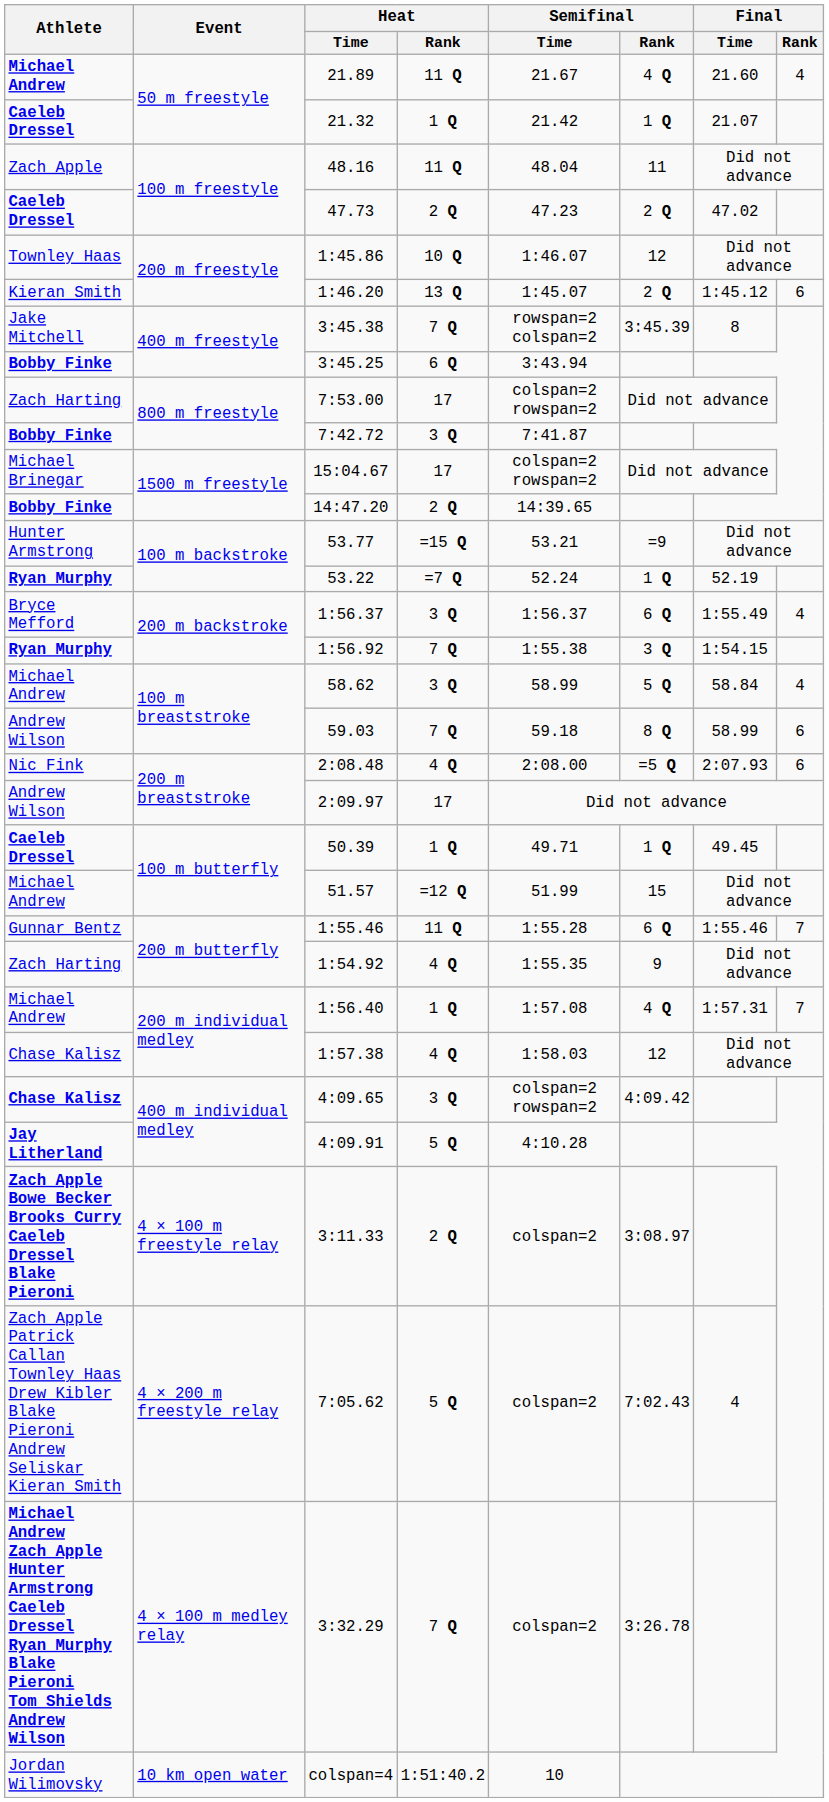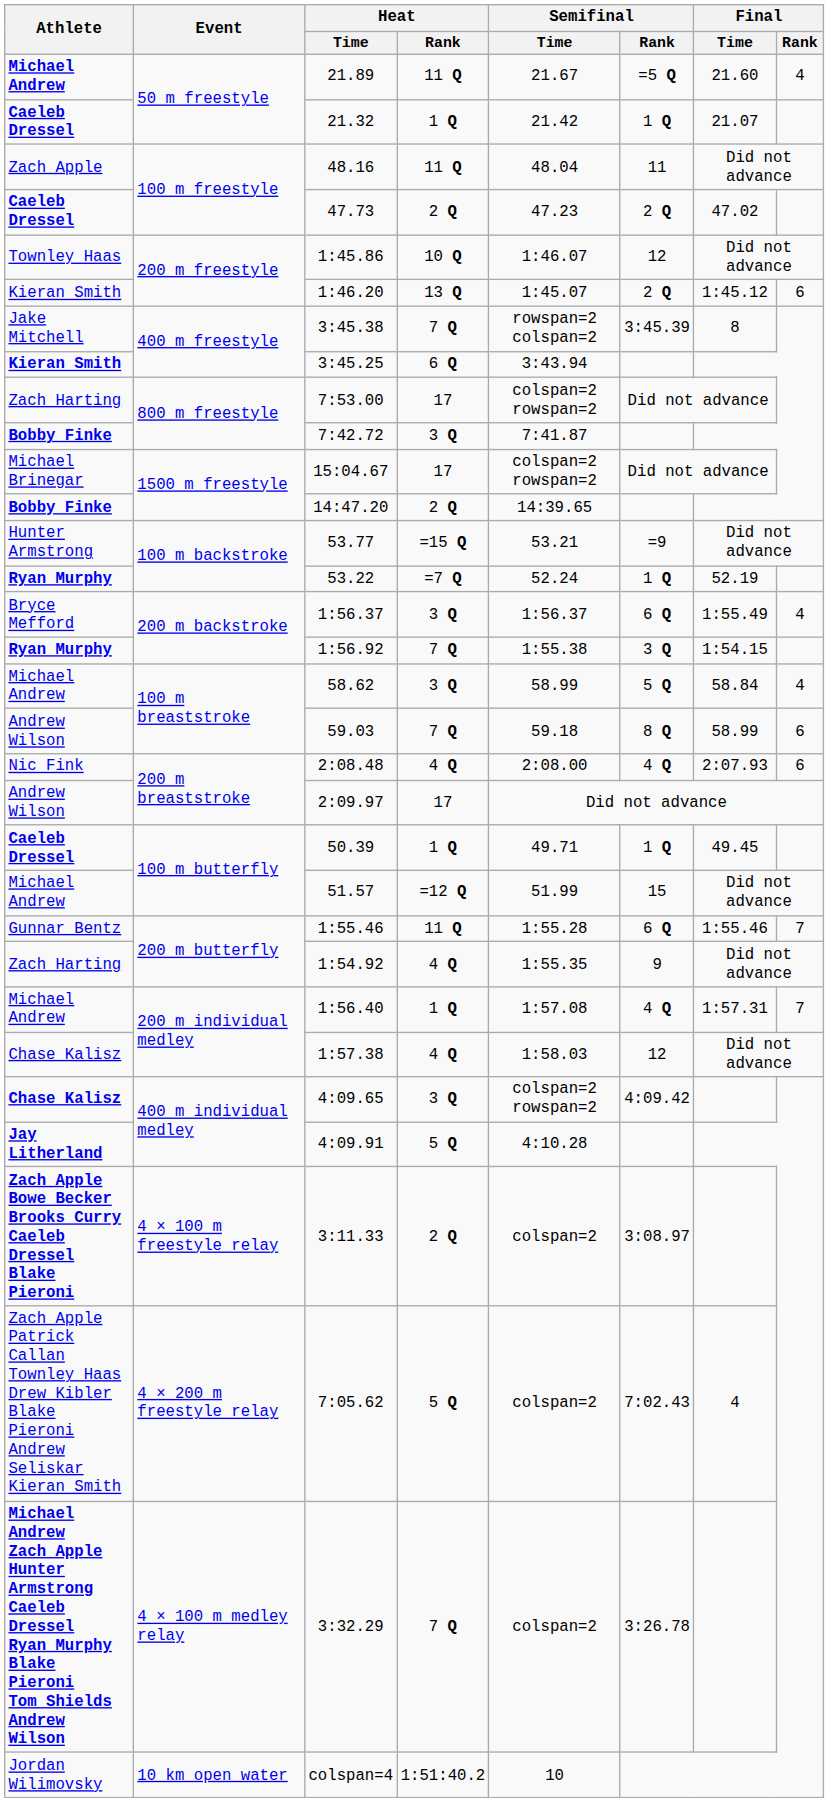 <table class=wikitable style=font-size:90%;text-align:center>
 <tr>
 <th rowspan=2>Athlete</th>
 <th rowspan=2>Event</th>
 <th colspan=2>Heat</th>
 <th colspan=2>Semifinal</th>
 <th colspan=2>Final</th>
 </tr>
 <tr style=font-size:95%>
 <th>Time</th>
 <th>Rank</th>
 <th>Time</th>
 <th>Rank</th>
 <th>Time</th>
 <th>Rank</th>
 </tr>
 <tr>
 <td align=left><strong><a href='#'>Michael Andrew</a></strong></td>
 <td align=left rowspan=2><a href='#'>50 m freestyle</a></td>
 <td>21.89</td>
 <td>11 <strong>Q</strong></td>
 <td>21.67</td>
-<td>4 <strong>Q</strong></td>
+<td>=5 <strong>Q</strong></td>
 <td>21.60</td>
 <td>4</td>
 </tr>
 <tr>
 <td align=left><strong><a href='#'>Caeleb Dressel</a></strong></td>
 <td>21.32</td>
 <td>1 <strong>Q</strong></td>
 <td>21.42</td>
 <td>1 <strong>Q</strong></td>
 <td>21.07 </td>
 <td></td>
 </tr>
 <tr>
 <td align=left><a href='#'>Zach Apple</a></td>
 <td align=left rowspan=2><a href='#'>100 m freestyle</a></td>
 <td>48.16</td>
 <td>11 <strong>Q</strong></td>
 <td>48.04</td>
 <td>11</td>
 <td colspan=2>Did not advance</td>
 </tr>
 <tr>
 <td align=left><strong><a href='#'>Caeleb Dressel</a></strong></td>
 <td>47.73</td>
 <td>2 <strong>Q</strong></td>
 <td>47.23</td>
 <td>2 <strong>Q</strong></td>
 <td>47.02 </td>
 <td></td>
 </tr>
 <tr>
 <td align=left><a href='#'>Townley Haas</a></td>
 <td align=left rowspan=2><a href='#'>200 m freestyle</a></td>
 <td>1:45.86</td>
 <td>10 <strong>Q</strong></td>
 <td>1:46.07</td>
 <td>12</td>
 <td colspan=2>Did not advance</td>
 </tr>
 <tr>
 <td align=left><a href='#'>Kieran Smith</a></td>
 <td>1:46.20</td>
 <td>13 <strong>Q</strong></td>
 <td>1:45.07</td>
 <td>2 <strong>Q</strong></td>
 <td>1:45.12</td>
 <td>6</td>
 </tr>
 <tr>
 <td align=left><a href='#'>Jake Mitchell</a></td>
 <td align=left rowspan=2><a href='#'>400 m freestyle</a></td>
 <td>3:45.38</td>
 <td>7 <strong>Q</strong></td>
 <td>rowspan=2 colspan=2 </td>
 <td>3:45.39</td>
 <td>8</td>
 </tr>
 <tr>
-<td align=left><strong><a href='#'>Bobby Finke</a></strong></td>
+<td align=left><strong><a href='#'>Kieran Smith</a></strong></td>
 <td>3:45.25</td>
 <td>6 <strong>Q</strong></td>
 <td>3:43.94</td>
 <td></td>
 </tr>
 <tr>
 <td align=left><a href='#'>Zach Harting</a></td>
 <td align=left rowspan=2><a href='#'>800 m freestyle</a></td>
 <td>7:53.00</td>
 <td>17</td>
 <td>colspan=2 rowspan=2 </td>
 <td colspan=2>Did not advance</td>
 </tr>
 <tr>
 <td align=left><strong><a href='#'>Bobby Finke</a></strong></td>
 <td>7:42.72</td>
 <td>3 <strong>Q</strong></td>
 <td>7:41.87</td>
 <td></td>
 </tr>
 <tr>
 <td align=left><a href='#'>Michael Brinegar</a></td>
 <td align=left rowspan=2><a href='#'>1500 m freestyle</a></td>
 <td>15:04.67</td>
 <td>17</td>
 <td>colspan=2 rowspan=2 </td>
 <td colspan=2>Did not advance</td>
 </tr>
 <tr>
 <td align=left><strong><a href='#'>Bobby Finke</a></strong></td>
 <td>14:47.20</td>
 <td>2 <strong>Q</strong></td>
 <td>14:39.65</td>
 <td></td>
 </tr>
 <tr>
 <td align=left><a href='#'>Hunter Armstrong</a></td>
 <td align=left rowspan=2><a href='#'>100 m backstroke</a></td>
 <td>53.77</td>
 <td>=15 <strong>Q</strong></td>
 <td>53.21</td>
 <td>=9</td>
 <td colspan=2>Did not advance</td>
 </tr>
 <tr>
 <td align=left><strong><a href='#'>Ryan Murphy</a></strong></td>
 <td>53.22</td>
 <td>=7 <strong>Q</strong></td>
 <td>52.24</td>
 <td>1 <strong>Q</strong></td>
 <td>52.19</td>
 <td></td>
 </tr>
 <tr>
 <td align=left><a href='#'>Bryce Mefford</a></td>
 <td align=left rowspan=2><a href='#'>200 m backstroke</a></td>
 <td>1:56.37</td>
 <td>3 <strong>Q</strong></td>
 <td>1:56.37</td>
 <td>6 <strong>Q</strong></td>
 <td>1:55.49</td>
 <td>4</td>
 </tr>
 <tr>
 <td align=left><strong><a href='#'>Ryan Murphy</a></strong></td>
 <td>1:56.92</td>
 <td>7 <strong>Q</strong></td>
 <td>1:55.38</td>
 <td>3 <strong>Q</strong></td>
 <td>1:54.15</td>
 <td></td>
 </tr>
 <tr>
 <td align=left><a href='#'>Michael Andrew</a></td>
 <td align=left rowspan=2><a href='#'>100 m breaststroke</a></td>
 <td>58.62</td>
 <td>3 <strong>Q</strong></td>
 <td>58.99</td>
 <td>5 <strong>Q</strong></td>
 <td>58.84</td>
 <td>4</td>
 </tr>
 <tr>
 <td align=left><a href='#'>Andrew Wilson</a></td>
 <td>59.03</td>
 <td>7 <strong>Q</strong></td>
 <td>59.18</td>
 <td>8 <strong>Q</strong></td>
 <td>58.99</td>
 <td>6</td>
 </tr>
 <tr>
 <td align=left><a href='#'>Nic Fink</a></td>
 <td align=left rowspan=2><a href='#'>200 m breaststroke</a></td>
 <td>2:08.48</td>
 <td>4 <strong>Q</strong></td>
 <td>2:08.00</td>
-<td>=5 <strong>Q</strong></td>
+<td>4 <strong>Q</strong></td>
 <td>2:07.93</td>
 <td>6</td>
 </tr>
 <tr>
 <td align=left><a href='#'>Andrew Wilson</a></td>
 <td>2:09.97</td>
 <td>17</td>
 <td colspan=4>Did not advance</td>
 </tr>
 <tr>
 <td align=left><strong><a href='#'>Caeleb Dressel</a></strong></td>
 <td align=left rowspan=2><a href='#'>100 m butterfly</a></td>
 <td>50.39</td>
 <td>1 <strong>Q</strong></td>
 <td>49.71 </td>
 <td>1 <strong>Q</strong></td>
 <td>49.45 </td>
 <td></td>
 </tr>
 <tr>
 <td align=left><a href='#'>Michael Andrew</a></td>
 <td>51.57</td>
 <td>=12 <strong>Q</strong></td>
 <td>51.99</td>
 <td>15</td>
 <td colspan=2>Did not advance</td>
 </tr>
 <tr>
 <td align=left><a href='#'>Gunnar Bentz</a></td>
 <td align=left rowspan=2><a href='#'>200 m butterfly</a></td>
 <td>1:55.46</td>
 <td>11 <strong>Q</strong></td>
 <td>1:55.28</td>
 <td>6 <strong>Q</strong></td>
 <td>1:55.46</td>
 <td>7</td>
 </tr>
 <tr>
 <td align=left><a href='#'>Zach Harting</a></td>
 <td>1:54.92</td>
 <td>4 <strong>Q</strong></td>
 <td>1:55.35</td>
 <td>9</td>
 <td colspan=2>Did not advance</td>
 </tr>
 <tr>
 <td align=left><a href='#'>Michael Andrew</a></td>
 <td align=left rowspan=2><a href='#'>200 m individual medley</a></td>
 <td>1:56.40</td>
 <td>1 <strong>Q</strong></td>
 <td>1:57.08</td>
 <td>4 <strong>Q</strong></td>
 <td>1:57.31</td>
 <td>7</td>
 </tr>
 <tr>
 <td align=left><a href='#'>Chase Kalisz</a></td>
 <td>1:57.38</td>
 <td>4 <strong>Q</strong></td>
 <td>1:58.03</td>
 <td>12</td>
 <td colspan=2>Did not advance</td>
 </tr>
 <tr>
 <td align=left><strong><a href='#'>Chase Kalisz</a></strong></td>
 <td align=left rowspan=2><a href='#'>400 m individual medley</a></td>
 <td>4:09.65</td>
 <td>3 <strong>Q</strong></td>
 <td>colspan=2 rowspan=2 </td>
 <td>4:09.42</td>
 <td></td>
 </tr>
 <tr>
 <td align=left><strong><a href='#'>Jay Litherland</a></strong></td>
 <td>4:09.91</td>
 <td>5 <strong>Q</strong></td>
 <td>4:10.28</td>
 <td></td>
 </tr>
 <tr>
 <td align=left><strong><a href='#'>Zach Apple</a><br><a href='#'>Bowe Becker</a> <br><a href='#'>Brooks Curry</a><br><a href='#'>Caeleb Dressel</a><br><a href='#'>Blake Pieroni</a></strong></td>
 <td align=left><a href='#'>4 × 100 m freestyle relay</a></td>
 <td>3:11.33</td>
 <td>2 <strong>Q</strong></td>
 <td>colspan=2 </td>
 <td>3:08.97</td>
 <td></td>
 </tr>
 <tr>
 <td align=left><a href='#'>Zach Apple</a><br><a href='#'>Patrick Callan</a><br><a href='#'>Townley Haas</a><br><a href='#'>Drew Kibler</a><br><a href='#'>Blake Pieroni</a><br><a href='#'>Andrew Seliskar</a><br><a href='#'>Kieran Smith</a></td>
 <td align=left><a href='#'>4 × 200 m freestyle relay</a></td>
 <td>7:05.62</td>
 <td>5 <strong>Q</strong></td>
 <td>colspan=2 </td>
 <td>7:02.43</td>
 <td>4</td>
 </tr>
 <tr>
 <td align=left><strong><a href='#'>Michael Andrew</a><br><a href='#'>Zach Apple</a><br><a href='#'>Hunter Armstrong</a><br><a href='#'>Caeleb Dressel</a><br><a href='#'>Ryan Murphy</a><br><a href='#'>Blake Pieroni</a><br><a href='#'>Tom Shields</a><br><a href='#'>Andrew Wilson</a></strong></td>
 <td align=left><a href='#'>4 × 100 m medley relay</a></td>
 <td>3:32.29</td>
 <td>7 <strong>Q</strong></td>
 <td>colspan=2 </td>
 <td>3:26.78 </td>
 <td></td>
 </tr>
 <tr>
 <td align=left><a href='#'>Jordan Wilimovsky</a></td>
 <td align=left><a href='#'>10 km open water</a></td>
 <td>colspan=4 </td>
 <td>1:51:40.2</td>
 <td>10</td>
 </tr>
 </table>
